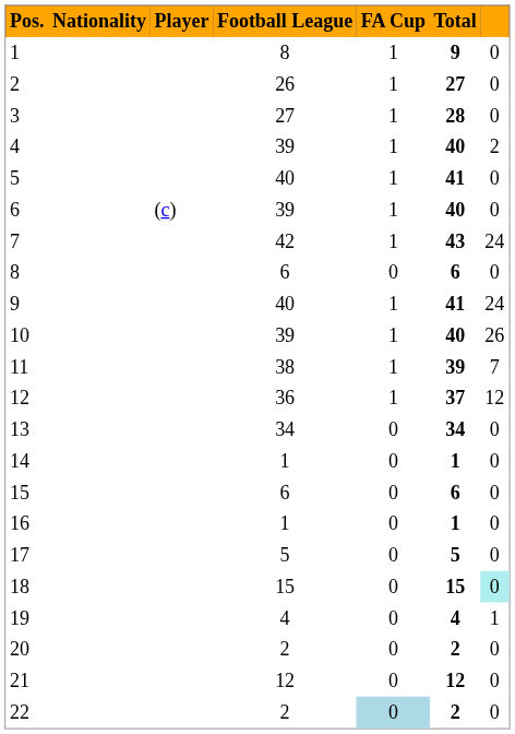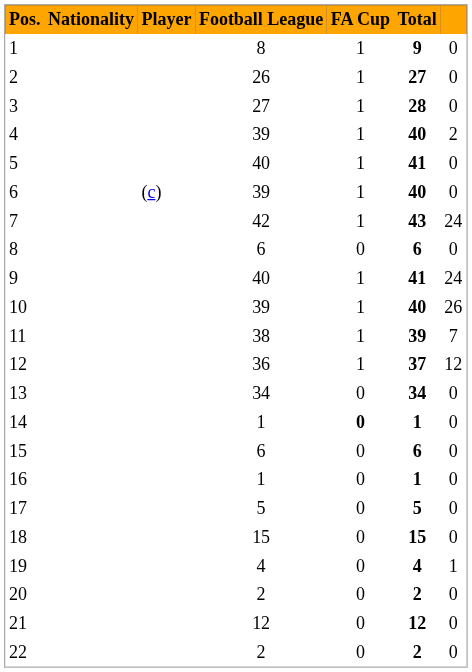 <table cellspacing="0" cellpadding="3" style="border:1px solid #AAAAAA;font-size:90%">
 <tr bgcolor="#191970">
 <th style=background:orange; align="center"><span>Pos.</span></th>
 <th style=background:orange; align="center"><span>Nationality</span></th>
 <th style=background:orange; align="center"><span>Player</span></th>
 <th style=background:orange; align="center"><span>Football League</span></th>
 <th style=background:orange; align="center"><span>FA Cup</span></th>
 <th style=background:orange; align="center"><span>Total</span></th>
 <th style=background:orange; align="center"><span></span></th>
 </tr>
 <tr>
 <td>1</td>
 <td></td>
 <td></td>
 <td align="center">8</td>
 <td align="center">1</td>
 <td align="center"><strong>9</strong></td>
 <td align="center">0</td>
 </tr>
 <tr>
 <td>2</td>
 <td></td>
 <td></td>
 <td align="center">26</td>
 <td align="center">1</td>
 <td align="center"><strong>27</strong></td>
 <td align="center">0</td>
 </tr>
 <tr>
 <td>3</td>
 <td></td>
 <td></td>
 <td align="center">27</td>
 <td align="center">1</td>
 <td align="center"><strong>28</strong></td>
 <td align="center">0</td>
 </tr>
 <tr>
 <td>4</td>
 <td></td>
 <td></td>
 <td align="center">39</td>
 <td align="center">1</td>
 <td align="center"><strong>40</strong></td>
 <td align="center">2</td>
 </tr>
 <tr>
 <td>5</td>
 <td></td>
 <td></td>
 <td align="center">40</td>
 <td align="center">1</td>
 <td align="center"><strong>41</strong></td>
 <td align="center">0</td>
 </tr>
 <tr>
 <td>6</td>
 <td></td>
 <td> (<a href='#'>c</a>)</td>
 <td align="center">39</td>
 <td align="center">1</td>
 <td align="center"><strong>40</strong></td>
 <td align="center">0</td>
 </tr>
 <tr>
 <td>7</td>
 <td></td>
 <td></td>
 <td align="center">42</td>
 <td align="center">1</td>
 <td align="center"><strong>43</strong></td>
 <td align="center">24</td>
 </tr>
 <tr>
 <td>8</td>
 <td></td>
 <td></td>
 <td align="center">6</td>
 <td align="center">0</td>
 <td align="center"><strong>6</strong></td>
 <td align="center">0</td>
 </tr>
 <tr>
 <td>9</td>
 <td></td>
 <td></td>
 <td align="center">40</td>
 <td align="center">1</td>
 <td align="center"><strong>41</strong></td>
 <td align="center">24</td>
 </tr>
 <tr>
 <td>10</td>
 <td></td>
 <td></td>
 <td align="center">39</td>
 <td align="center">1</td>
 <td align="center"><strong>40</strong></td>
 <td align="center">26</td>
 </tr>
 <tr>
 <td>11</td>
 <td></td>
 <td></td>
 <td align="center">38</td>
 <td align="center">1</td>
 <td align="center"><strong>39</strong></td>
 <td align="center">7</td>
 </tr>
 <tr>
 <td>12</td>
 <td></td>
 <td></td>
 <td align="center">36</td>
 <td align="center">1</td>
 <td align="center"><strong>37</strong></td>
 <td align="center">12</td>
 </tr>
 <tr>
 <td>13</td>
 <td></td>
 <td></td>
 <td align="center">34</td>
 <td align="center">0</td>
 <td align="center"><strong>34</strong></td>
 <td align="center">0</td>
 </tr>
 <tr>
 <td>14</td>
 <td></td>
 <td></td>
 <td align="center">1</td>
-<td align="center">0</td>
+<td align="center"><strong>0</strong></td>
 <td align="center"><strong>1</strong></td>
 <td align="center">0</td>
 </tr>
 <tr>
 <td>15</td>
 <td></td>
 <td></td>
 <td align="center">6</td>
 <td align="center">0</td>
 <td align="center"><strong>6</strong></td>
 <td align="center">0</td>
 </tr>
 <tr>
 <td>16</td>
 <td></td>
 <td></td>
 <td align="center">1</td>
 <td align="center">0</td>
 <td align="center"><strong>1</strong></td>
 <td align="center">0</td>
 </tr>
 <tr>
 <td>17</td>
 <td></td>
 <td></td>
 <td align="center">5</td>
 <td align="center">0</td>
 <td align="center"><strong>5</strong></td>
 <td align="center">0</td>
 </tr>
 <tr>
 <td>18</td>
 <td></td>
 <td></td>
 <td align="center">15</td>
 <td align="center">0</td>
 <td align="center"><strong>15</strong></td>
-<td align="center" style="background: paleturquoise;">0</td>
+<td align="center">0</td>
 </tr>
 <tr>
 <td>19</td>
 <td></td>
 <td></td>
 <td align="center">4</td>
 <td align="center">0</td>
 <td align="center"><strong>4</strong></td>
 <td align="center">1</td>
 </tr>
 <tr>
 <td>20</td>
 <td></td>
 <td></td>
 <td align="center">2</td>
 <td align="center">0</td>
 <td align="center"><strong>2</strong></td>
 <td align="center">0</td>
 </tr>
 <tr>
 <td>21</td>
 <td></td>
 <td></td>
 <td align="center">12</td>
 <td align="center">0</td>
 <td align="center"><strong>12</strong></td>
 <td align="center">0</td>
 </tr>
 <tr>
 <td>22</td>
 <td></td>
 <td></td>
 <td align="center">2</td>
-<td align="center" style="background: lightblue;">0</td>
+<td align="center">0</td>
 <td align="center"><strong>2</strong></td>
 <td align="center">0</td>
 </tr>
 <tr>
 </tr>
 </table>
